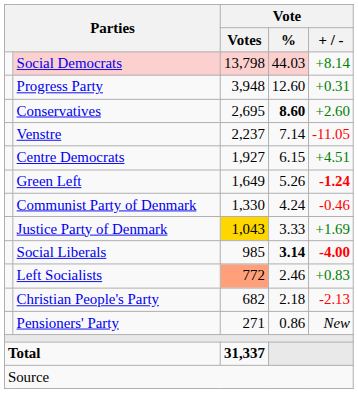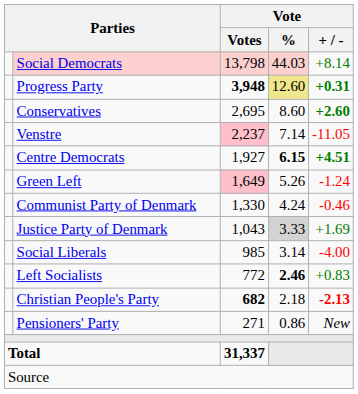 <table class="wikitable" style="text-align:right;">
 <tr>
 <th style="text-align:centre;" rowspan="2" colspan="2" width="225">Parties</th>
 <th colspan="3">Vote</th>
 </tr>
 <tr>
 <th width="15">Votes</th>
 <th width="15">%</th>
 <th width="15">+ / -</th>
 </tr>
 <tr>
 <td width="2" style="color:inherit;background:"></td>
 <td bgcolor=#fbd0ce  align="left"><a href='#'>Social Democrats</a></td>
 <td bgcolor=#fbd0ce>13,798</td>
 <td bgcolor=#fbd0ce>44.03</td>
 <td style=color:green;>+8.14</td>
 </tr>
 <tr>
 <td width="2" style="color:inherit;background:"></td>
 <td align="left"><a href='#'>Progress Party</a></td>
-<td>3,948</td>
-<td>12.60</td>
-<td style=color:green;>+0.31</td>
+<td><strong>3,948</strong></td>
+<td style="background: khaki;">12.60</td>
+<td style=color:green;><strong>+0.31</strong></td>
 </tr>
 <tr>
 <td width="2" style="color:inherit;background:"></td>
 <td align="left"><a href='#'>Conservatives</a></td>
 <td>2,695</td>
-<td><strong>8.60</strong></td>
-<td style=color:green;>+2.60</td>
+<td>8.60</td>
+<td style=color:green;><strong>+2.60</strong></td>
 </tr>
 <tr>
 <td width="2" style="color:inherit;background:"></td>
 <td align="left"><a href='#'>Venstre</a></td>
-<td>2,237</td>
+<td style="background: pink;">2,237</td>
 <td>7.14</td>
 <td style=color:red;>-11.05</td>
 </tr>
 <tr>
 <td width="2" style="color:inherit;background:"></td>
 <td align="left"><a href='#'>Centre Democrats</a></td>
 <td>1,927</td>
-<td>6.15</td>
-<td style=color:green;>+4.51</td>
+<td><strong>6.15</strong></td>
+<td style=color:green;><strong>+4.51</strong></td>
 </tr>
 <tr>
 <td width="2" style="color:inherit;background:"></td>
 <td align="left"><a href='#'>Green Left</a></td>
-<td>1,649</td>
+<td style="background: pink;">1,649</td>
 <td>5.26</td>
-<td style=color:red;><strong>-1.24</strong></td>
+<td style=color:red;>-1.24</td>
 </tr>
 <tr>
 <td width="2" style="color:inherit;background:"></td>
 <td align="left"><a href='#'>Communist Party of Denmark</a></td>
 <td>1,330</td>
 <td>4.24</td>
 <td style=color:red;>-0.46</td>
 </tr>
 <tr>
 <td width="2" style="color:inherit;background:"></td>
 <td align="left"><a href='#'>Justice Party of Denmark</a></td>
-<td style="background: gold;">1,043</td>
-<td>3.33</td>
+<td>1,043</td>
+<td style="background: lightgrey;">3.33</td>
 <td style=color:green;>+1.69</td>
 </tr>
 <tr>
 <td width="2" style="color:inherit;background:"></td>
 <td align="left"><a href='#'>Social Liberals</a></td>
 <td>985</td>
-<td><strong>3.14</strong></td>
-<td style=color:red;><strong>-4.00</strong></td>
+<td>3.14</td>
+<td style=color:red;>-4.00</td>
 </tr>
 <tr>
 <td width="2" style="color:inherit;background:"></td>
 <td align="left"><a href='#'>Left Socialists</a></td>
-<td style="background: lightsalmon;">772</td>
-<td>2.46</td>
+<td>772</td>
+<td><strong>2.46</strong></td>
 <td style=color:green;>+0.83</td>
 </tr>
 <tr>
 <td width="2" style="color:inherit;background:"></td>
 <td align="left"><a href='#'>Christian People's Party</a></td>
-<td>682</td>
+<td><strong>682</strong></td>
 <td>2.18</td>
-<td style=color:red;>-2.13</td>
+<td style=color:red;><strong>-2.13</strong></td>
 </tr>
 <tr>
 <td width="2" style="color:inherit;background:"></td>
 <td align="left"><a href='#'>Pensioners' Party</a></td>
 <td>271</td>
 <td>0.86</td>
 <td><em>New</em></td>
 </tr>
 <tr>
 <td colspan="7" bgcolor="#E9E9E9"></td>
 </tr>
 <tr>
 <td align="left" colspan="2"><strong>Total</strong></td>
 <td><strong>31,337</strong></td>
 <td bgcolor="#E9E9E9" colspan="2"></td>
 </tr>
 <tr>
 <td align="left" colspan="6">Source</td>
 </tr>
 </table>
